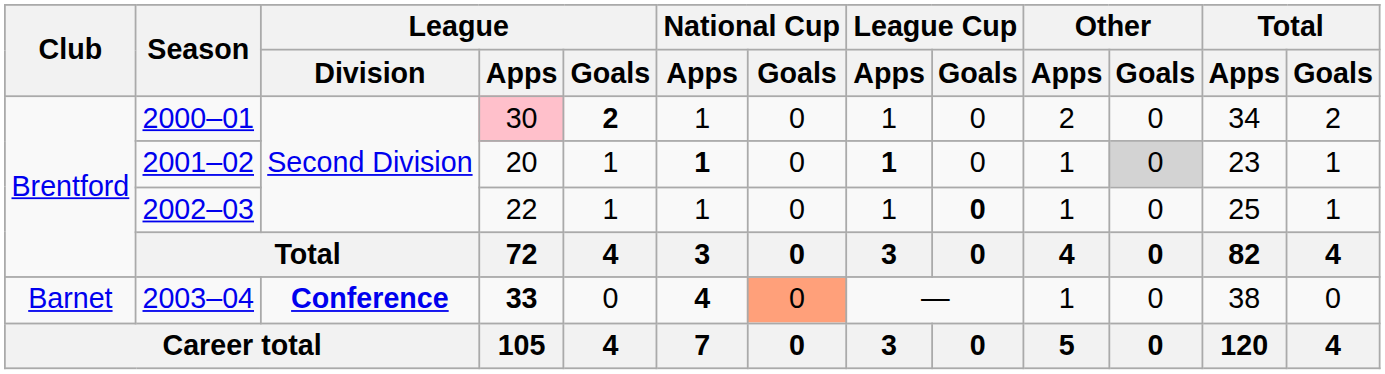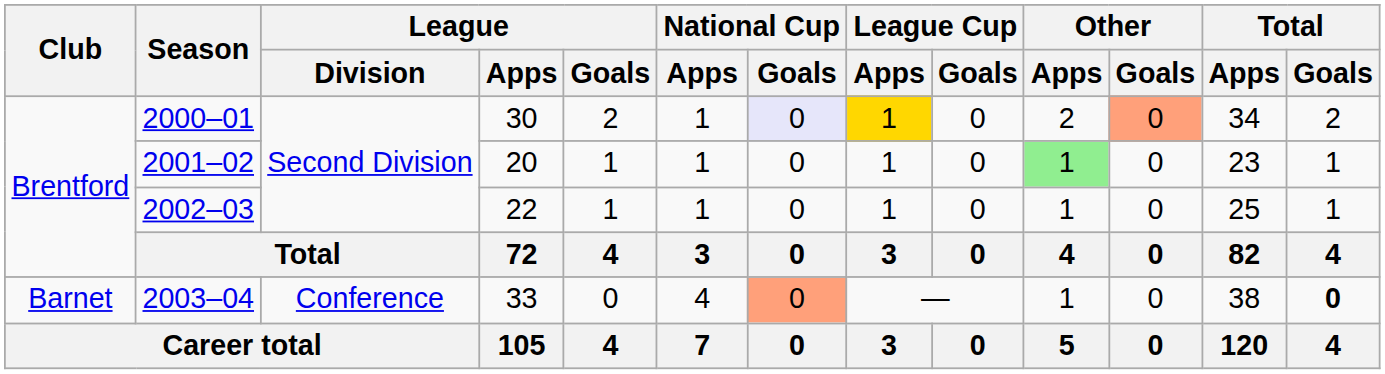 <table class="wikitable" style="text-align: center;">
 <tr>
 <th rowspan="2">Club</th>
 <th rowspan="2">Season</th>
 <th colspan="3">League</th>
 <th colspan="2">National Cup</th>
 <th colspan="2">League Cup</th>
 <th colspan="2">Other</th>
 <th colspan="2">Total</th>
 </tr>
 <tr>
 <th>Division</th>
 <th>Apps</th>
 <th>Goals</th>
 <th>Apps</th>
 <th>Goals</th>
 <th>Apps</th>
 <th>Goals</th>
 <th>Apps</th>
 <th>Goals</th>
 <th>Apps</th>
 <th>Goals</th>
 </tr>
 <tr>
 <td rowspan="4"><a href='#'>Brentford</a></td>
 <td><a href='#'>2000–01</a></td>
 <td rowspan="3"><a href='#'>Second Division</a></td>
-<td style="background: pink;">30</td>
-<td><strong>2</strong></td>
+<td>30</td>
+<td>2</td>
 <td>1</td>
-<td>0</td>
-<td>1</td>
+<td style="background: lavender;">0</td>
+<td style="background: gold;">1</td>
 <td>0</td>
 <td>2</td>
-<td>0</td>
+<td style="background: lightsalmon;">0</td>
 <td>34</td>
 <td>2</td>
 </tr>
 <tr>
 <td><a href='#'>2001–02</a></td>
 <td>20</td>
 <td>1</td>
-<td><strong>1</strong></td>
-<td>0</td>
-<td><strong>1</strong></td>
+<td>1</td>
 <td>0</td>
 <td>1</td>
-<td style="background: lightgrey;">0</td>
+<td>0</td>
+<td style="background: lightgreen;">1</td>
+<td>0</td>
 <td>23</td>
 <td>1</td>
 </tr>
 <tr>
 <td><a href='#'>2002–03</a></td>
 <td>22</td>
 <td>1</td>
 <td>1</td>
 <td>0</td>
 <td>1</td>
-<td><strong>0</strong></td>
+<td>0</td>
 <td>1</td>
 <td>0</td>
 <td>25</td>
 <td>1</td>
 </tr>
 <tr>
 <th colspan="2">Total</th>
 <th>72</th>
 <th>4</th>
 <th>3</th>
 <th>0</th>
 <th>3</th>
 <th>0</th>
 <th>4</th>
 <th>0</th>
 <th>82</th>
 <th>4</th>
 </tr>
 <tr>
 <td><a href='#'>Barnet</a></td>
 <td><a href='#'>2003–04</a></td>
-<td><strong><a href='#'>Conference</a></strong></td>
-<td><strong>33</strong></td>
+<td><a href='#'>Conference</a></td>
+<td>33</td>
 <td>0</td>
-<td><strong>4</strong></td>
+<td>4</td>
 <td style="background: lightsalmon;">0</td>
 <td colspan="2">—</td>
 <td>1</td>
 <td>0</td>
 <td>38</td>
-<td>0</td>
+<td><strong>0</strong></td>
 </tr>
 <tr>
 <th colspan="3">Career total</th>
 <th>105</th>
 <th>4</th>
 <th>7</th>
 <th>0</th>
 <th>3</th>
 <th>0</th>
 <th>5</th>
 <th>0</th>
 <th>120</th>
 <th>4</th>
 </tr>
 </table>
